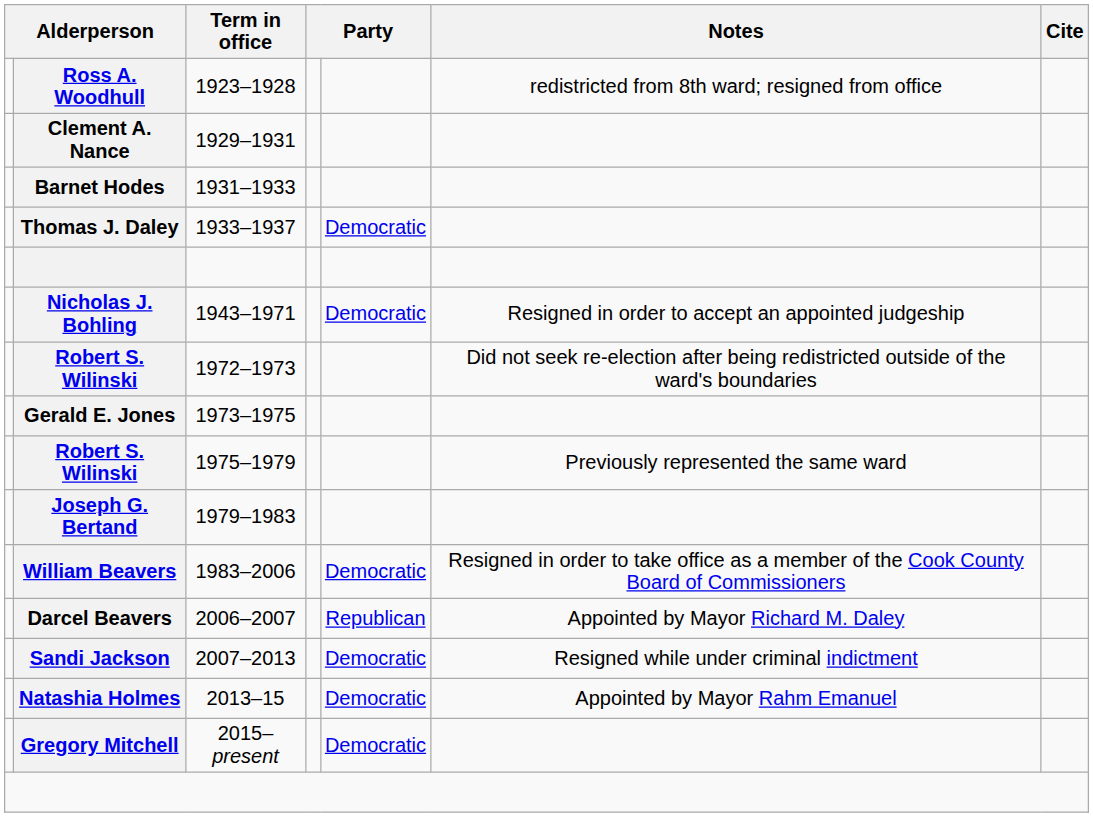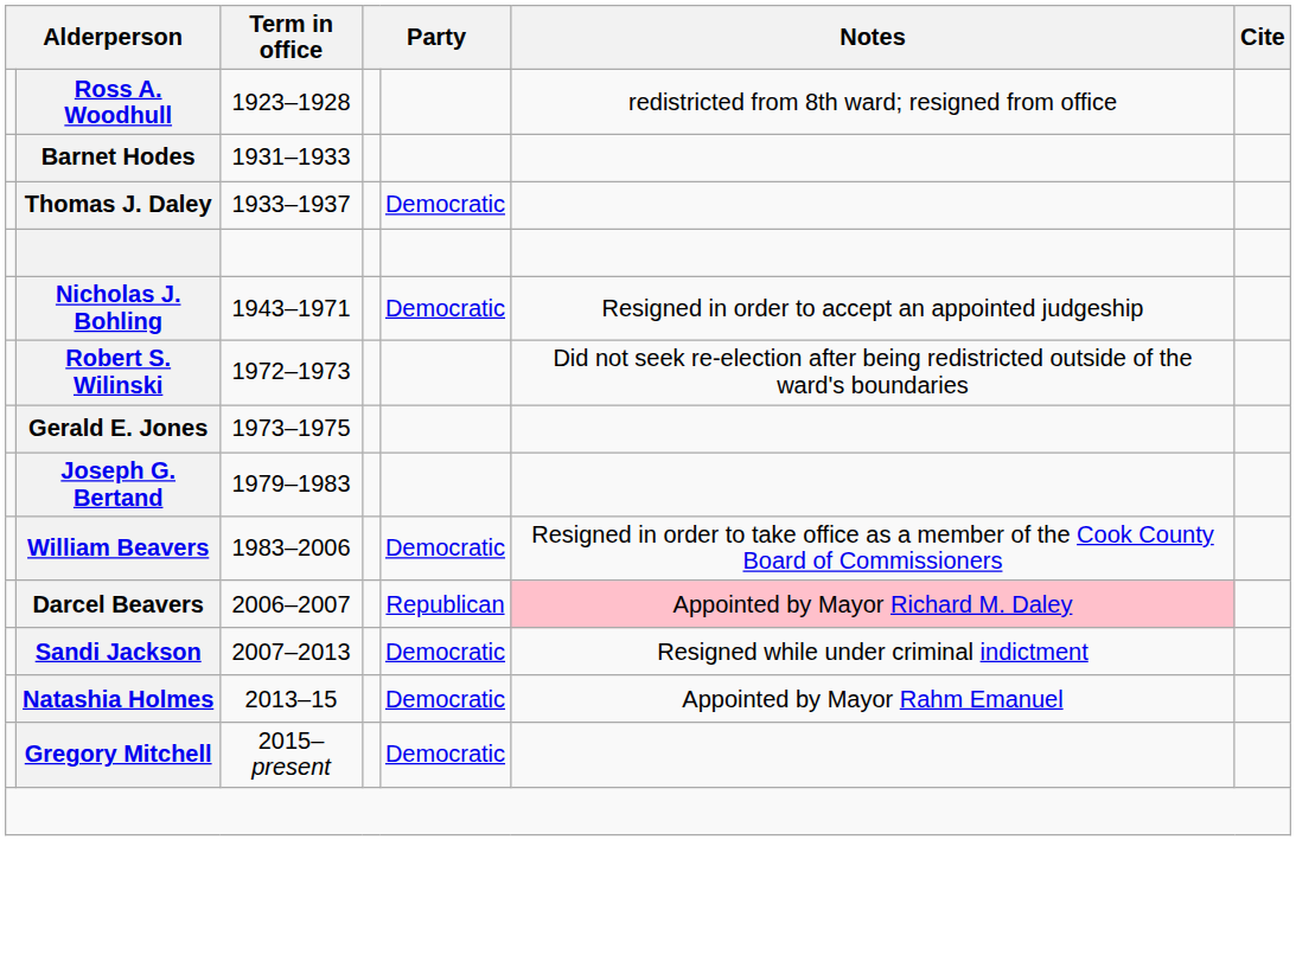 <table class="wikitable sortable" style="text-align:center;">
 <tr>
 <th scope="col" colspan="2">Alderperson</th>
 <th scope="col">Term in office</th>
 <th scope="col" colspan="2">Party</th>
 <th scope="col">Notes</th>
 <th scope="col">Cite</th>
 </tr>
 <tr style="height:2em;">
 <td></td>
 <th scope="row"><a href='#'>Ross A. Woodhull</a></th>
 <td>1923–1928</td>
 <td></td>
 <td></td>
 <td>redistricted from 8th ward; resigned from office</td>
-<td></td>
-</tr>
-<tr style="height:2em;">
-<td></td>
-<th scope="row">Clement A. Nance</th>
-<td>1929–1931</td>
-<td></td>
-<td></td>
-<td></td>
 <td></td>
 </tr>
 <tr style="height:2em;">
 <td></td>
 <th scope="row">Barnet Hodes</th>
 <td>1931–1933</td>
 <td></td>
 <td></td>
 <td></td>
 <td></td>
 </tr>
 <tr style="height:2em;">
 <td></td>
 <th scope="row">Thomas J. Daley</th>
 <td>1933–1937</td>
 <td> </td>
 <td><a href='#'>Democratic</a></td>
 <td></td>
 <td></td>
 </tr>
 <tr style="height:2em;">
 <td></td>
 <th scope="row"></th>
 <td></td>
 <td></td>
 <td></td>
 <td></td>
 <td></td>
 </tr>
 <tr style="height:2em;">
 <td></td>
 <th scope="row"><a href='#'>Nicholas J. Bohling</a></th>
 <td>1943–1971</td>
 <td> </td>
 <td><a href='#'>Democratic</a></td>
 <td>Resigned in order to accept an appointed judgeship</td>
 <td></td>
 </tr>
 <tr style="height:2em;">
 <td></td>
 <th scope="row"><a href='#'>Robert S. Wilinski</a></th>
 <td>1972–1973</td>
 <td></td>
 <td></td>
 <td>Did not seek re-election after being redistricted outside of the ward's boundaries</td>
 <td></td>
 </tr>
 <tr style="height:2em;">
 <td></td>
 <th scope="row">Gerald E. Jones</th>
 <td>1973–1975</td>
 <td></td>
 <td></td>
 <td></td>
 <td></td>
 </tr>
 <tr style="height:2em;">
 <td></td>
-<th scope="row"><a href='#'>Robert S. Wilinski</a></th>
-<td>1975–1979</td>
-<td></td>
-<td></td>
-<td>Previously represented the same ward</td>
-<td></td>
-</tr>
-<tr style="height:2em;">
-<td></td>
 <th scope="row"><a href='#'>Joseph G. Bertand</a></th>
 <td>1979–1983</td>
 <td></td>
 <td></td>
 <td></td>
 <td></td>
 </tr>
 <tr>
 <td></td>
 <th scope="row"><a href='#'>William Beavers</a></th>
 <td>1983–2006</td>
 <td> </td>
 <td><a href='#'>Democratic</a></td>
 <td>Resigned in order to take office as a member of the <a href='#'>Cook County Board of Commissioners</a></td>
 <td></td>
 </tr>
 <tr style="height:2em;">
 <td></td>
 <th scope="row">Darcel Beavers</th>
 <td>2006–2007</td>
 <td> </td>
 <td><a href='#'>Republican</a></td>
-<td>Appointed by Mayor <a href='#'>Richard M. Daley</a></td>
+<td style="background: pink;">Appointed by Mayor <a href='#'>Richard M. Daley</a></td>
 <td></td>
 </tr>
 <tr style="height:2em;">
 <td></td>
 <th scope="row"><a href='#'>Sandi Jackson</a></th>
 <td>2007–2013</td>
 <td> </td>
 <td><a href='#'>Democratic</a></td>
 <td>Resigned while under criminal <a href='#'>indictment</a></td>
 <td></td>
 </tr>
 <tr style="height:2em;">
 <td></td>
 <th scope="row"><a href='#'>Natashia Holmes</a></th>
 <td>2013–15</td>
 <td> </td>
 <td><a href='#'>Democratic</a></td>
 <td>Appointed by Mayor <a href='#'>Rahm Emanuel</a></td>
 <td></td>
 </tr>
 <tr style="height:2em;">
 <td></td>
 <th scope="row"><a href='#'>Gregory Mitchell</a></th>
 <td>2015–<em>present</em></td>
 <td> </td>
 <td><a href='#'>Democratic</a></td>
 <td></td>
 <td></td>
 </tr>
 <tr style="height:2em;">
 </tr>
 </table>
